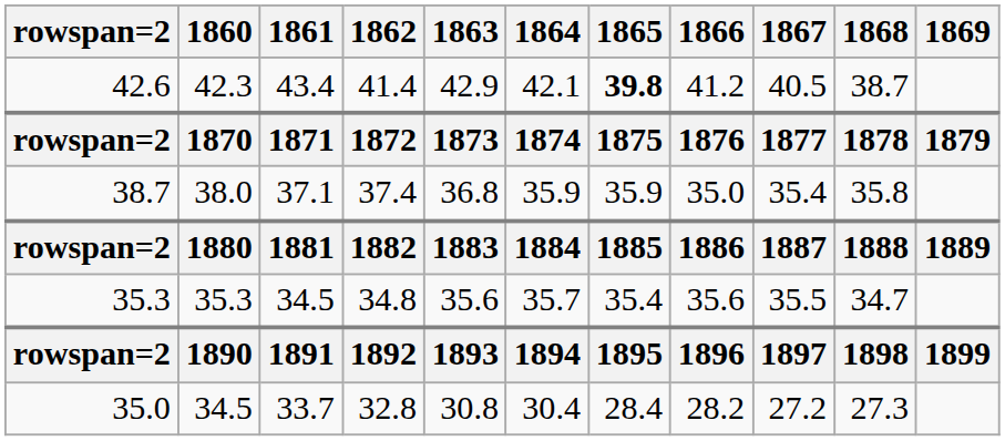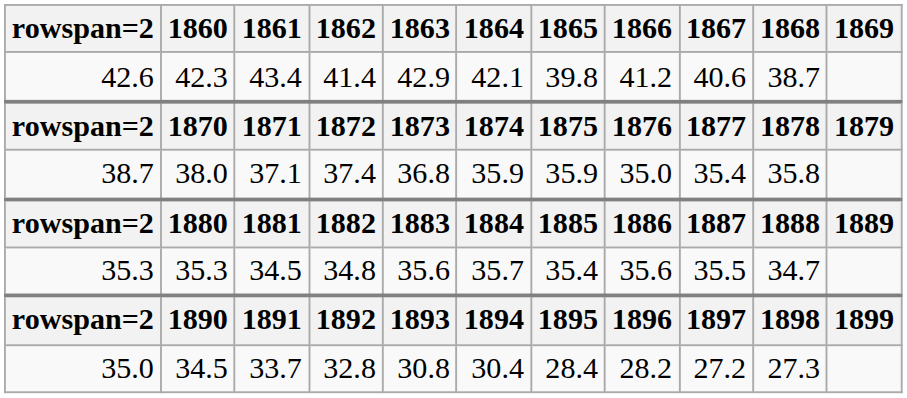 <table class="wikitable " style="text-align:right">
 <tr>
 <th>rowspan=2 </th>
 <th>1860</th>
 <th>1861</th>
 <th>1862</th>
 <th>1863</th>
 <th>1864</th>
 <th>1865</th>
 <th>1866</th>
 <th>1867</th>
 <th>1868</th>
 <th>1869</th>
 </tr>
 <tr>
 <td>42.6</td>
 <td>42.3</td>
 <td>43.4</td>
 <td>41.4</td>
 <td>42.9</td>
 <td>42.1</td>
-<td><strong>39.8</strong></td>
+<td>39.8</td>
 <td>41.2</td>
-<td>40.5</td>
+<td>40.6</td>
 <td>38.7</td>
 </tr>
 <tr style="border-top:2px solid gray">
 <th>rowspan=2 </th>
 <th>1870</th>
 <th>1871</th>
 <th>1872</th>
 <th>1873</th>
 <th>1874</th>
 <th>1875</th>
 <th>1876</th>
 <th>1877</th>
 <th>1878</th>
 <th>1879</th>
 </tr>
 <tr>
 <td>38.7</td>
 <td>38.0</td>
 <td>37.1</td>
 <td>37.4</td>
 <td>36.8</td>
 <td>35.9</td>
 <td>35.9</td>
 <td>35.0</td>
 <td>35.4</td>
 <td>35.8</td>
 </tr>
 <tr style="border-top:2px solid gray">
 <th>rowspan=2 </th>
 <th>1880</th>
 <th>1881</th>
 <th>1882</th>
 <th>1883</th>
 <th>1884</th>
 <th>1885</th>
 <th>1886</th>
 <th>1887</th>
 <th>1888</th>
 <th>1889</th>
 </tr>
 <tr>
 <td>35.3</td>
 <td>35.3</td>
 <td>34.5</td>
 <td>34.8</td>
 <td>35.6</td>
 <td>35.7</td>
 <td>35.4</td>
 <td>35.6</td>
 <td>35.5</td>
 <td>34.7</td>
 </tr>
 <tr style="border-top:2px solid gray">
 <th>rowspan=2 </th>
 <th>1890</th>
 <th>1891</th>
 <th>1892</th>
 <th>1893</th>
 <th>1894</th>
 <th>1895</th>
 <th>1896</th>
 <th>1897</th>
 <th>1898</th>
 <th>1899</th>
 </tr>
 <tr>
 <td>35.0</td>
 <td>34.5</td>
 <td>33.7</td>
 <td>32.8</td>
 <td>30.8</td>
 <td>30.4</td>
 <td>28.4</td>
 <td>28.2</td>
 <td>27.2</td>
 <td>27.3</td>
 </tr>
 </table>
